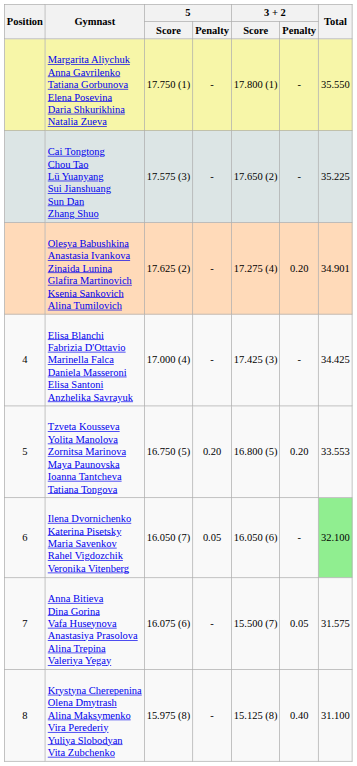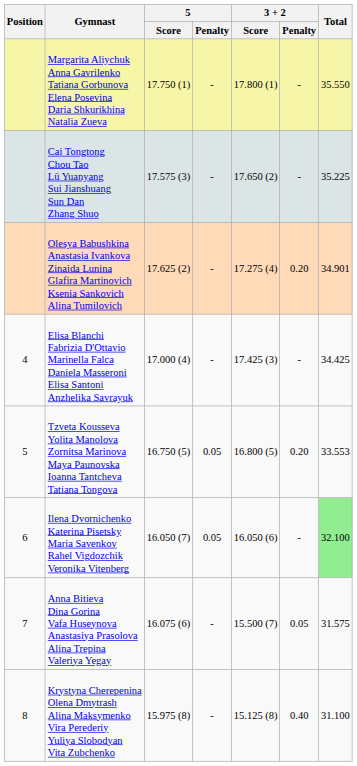 <table class="wikitable sortable" style="text-align:center; font-size:95%">
 <tr>
 <th rowspan="2">Position</th>
 <th rowspan="2">Gymnast</th>
 <th colspan="2">5 </th>
 <th colspan="2">3  + 2 </th>
 <th rowspan="2">Total</th>
 </tr>
 <tr>
 <th>Score</th>
 <th>Penalty</th>
 <th>Score</th>
 <th>Penalty</th>
 </tr>
 <tr bgcolor="F7F6A8">
 <td></td>
 <td align=left> <br> <a href='#'>Margarita Aliychuk</a> <br> <a href='#'>Anna Gavrilenko</a> <br> <a href='#'>Tatiana Gorbunova</a> <br> <a href='#'>Elena Posevina</a> <br> <a href='#'>Daria Shkurikhina</a> <br> <a href='#'>Natalia Zueva</a></td>
 <td>17.750 (1)</td>
 <td>-</td>
 <td>17.800 (1)</td>
 <td>-</td>
 <td>35.550</td>
 </tr>
 <tr bgcolor="DCE5E5">
 <td></td>
 <td align=left> <br> <a href='#'>Cai Tongtong</a> <br> <a href='#'>Chou Tao</a> <br> <a href='#'>Lü Yuanyang</a> <br> <a href='#'>Sui Jianshuang</a> <br> <a href='#'>Sun Dan</a> <br> <a href='#'>Zhang Shuo</a></td>
 <td>17.575 (3)</td>
 <td>-</td>
 <td>17.650 (2)</td>
 <td>-</td>
 <td>35.225</td>
 </tr>
 <tr bgcolor="FFDAB9">
 <td></td>
 <td align=left> <br> <a href='#'>Olesya Babushkina</a> <br> <a href='#'>Anastasia Ivankova</a> <br> <a href='#'>Zinaida Lunina</a> <br> <a href='#'>Glafira Martinovich</a> <br> <a href='#'>Ksenia Sankovich</a> <br> <a href='#'>Alina Tumilovich</a></td>
 <td>17.625 (2)</td>
 <td>-</td>
 <td>17.275 (4)</td>
 <td>0.20</td>
 <td>34.901</td>
 </tr>
 <tr>
 <td>4</td>
 <td align=left> <br> <a href='#'>Elisa Blanchi</a> <br> <a href='#'>Fabrizia D'Ottavio</a> <br> <a href='#'>Marinella Falca</a> <br> <a href='#'>Daniela Masseroni</a> <br> <a href='#'>Elisa Santoni</a> <br> <a href='#'>Anzhelika Savrayuk</a></td>
 <td>17.000 (4)</td>
 <td>-</td>
 <td>17.425 (3)</td>
 <td>-</td>
 <td>34.425</td>
 </tr>
 <tr>
 <td>5</td>
 <td align=left> <br> <a href='#'>Tzveta Kousseva</a> <br> <a href='#'>Yolita Manolova</a> <br> <a href='#'>Zornitsa Marinova</a> <br> <a href='#'>Maya Paunovska</a> <br> <a href='#'>Ioanna Tantcheva</a> <br> <a href='#'>Tatiana Tongova</a></td>
 <td>16.750 (5)</td>
-<td>0.20</td>
+<td>0.05</td>
 <td>16.800 (5)</td>
 <td>0.20</td>
 <td>33.553</td>
 </tr>
 <tr>
 <td>6</td>
 <td align=left> <br> <a href='#'>Ilena Dvornichenko</a> <br> <a href='#'>Katerina Pisetsky</a> <br> <a href='#'>Maria Savenkov</a> <br> <a href='#'>Rahel Vigdozchik</a> <br> <a href='#'>Veronika Vitenberg</a></td>
 <td>16.050 (7)</td>
 <td>0.05</td>
 <td>16.050 (6)</td>
 <td>-</td>
 <td style="background: lightgreen;">32.100</td>
 </tr>
 <tr>
 <td>7</td>
 <td align=left> <br> <a href='#'>Anna Bitieva</a> <br> <a href='#'>Dina Gorina</a> <br> <a href='#'>Vafa Huseynova</a> <br> <a href='#'>Anastasiya Prasolova</a> <br> <a href='#'>Alina Trepina</a> <br> <a href='#'>Valeriya Yegay</a></td>
 <td>16.075 (6)</td>
 <td>-</td>
 <td>15.500 (7)</td>
 <td>0.05</td>
 <td>31.575</td>
 </tr>
 <tr>
 <td>8</td>
 <td align=left> <br> <a href='#'>Krystyna Cherepenina</a> <br> <a href='#'>Olena Dmytrash</a> <br> <a href='#'>Alina Maksymenko</a> <br> <a href='#'>Vira Perederiy</a> <br> <a href='#'>Yuliya Slobodyan</a> <br> <a href='#'>Vita Zubchenko</a></td>
 <td>15.975 (8)</td>
 <td>-</td>
 <td>15.125 (8)</td>
 <td>0.40</td>
 <td>31.100</td>
 </tr>
 </table>
